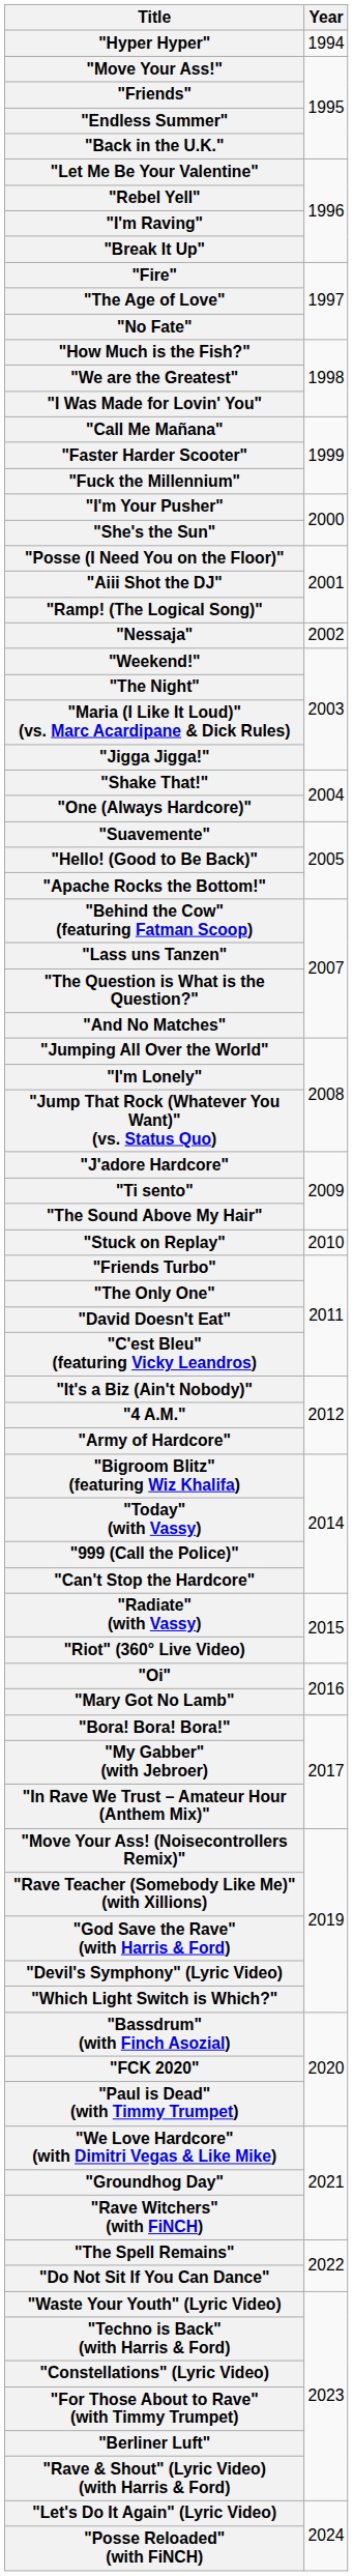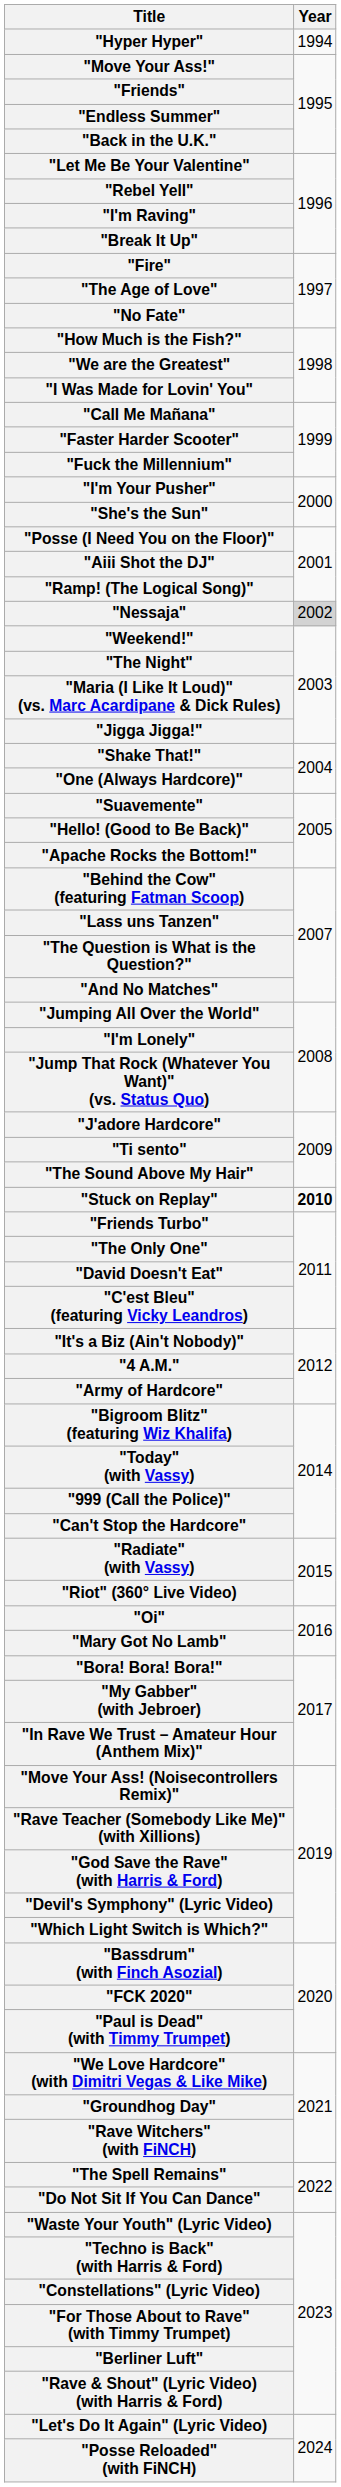 <table class="wikitable plainrowheaders" style="text-align:center;">
 <tr>
 <th scope="col" style="width:18em;">Title</th>
 <th scope="col">Year</th>
 </tr>
 <tr>
 <th scope="row">"Hyper Hyper"</th>
 <td>1994</td>
 </tr>
 <tr>
 <th scope="row">"Move Your Ass!"</th>
 <td rowspan="4">1995</td>
 </tr>
 <tr>
 <th scope="row">"Friends"</th>
 </tr>
 <tr>
 <th scope="row">"Endless Summer"</th>
 </tr>
 <tr>
 <th scope="row">"Back in the U.K."</th>
 </tr>
 <tr>
 <th scope="row">"Let Me Be Your Valentine"</th>
 <td rowspan="4">1996</td>
 </tr>
 <tr>
 <th scope="row">"Rebel Yell"</th>
 </tr>
 <tr>
 <th scope="row">"I'm Raving"</th>
 </tr>
 <tr>
 <th scope="row">"Break It Up"</th>
 </tr>
 <tr>
 <th scope="row">"Fire"</th>
 <td rowspan="3">1997</td>
 </tr>
 <tr>
 <th scope="row">"The Age of Love"</th>
 </tr>
 <tr>
 <th scope="row">"No Fate"</th>
 </tr>
 <tr>
 <th scope="row">"How Much is the Fish?"</th>
 <td rowspan="3">1998</td>
 </tr>
 <tr>
 <th scope="row">"We are the Greatest"</th>
 </tr>
 <tr>
 <th scope="row">"I Was Made for Lovin' You"</th>
 </tr>
 <tr>
 <th scope="row">"Call Me Mañana"</th>
 <td rowspan="3">1999</td>
 </tr>
 <tr>
 <th scope="row">"Faster Harder Scooter"</th>
 </tr>
 <tr>
 <th scope="row">"Fuck the Millennium"</th>
 </tr>
 <tr>
 <th scope="row">"I'm Your Pusher"</th>
 <td rowspan="2">2000</td>
 </tr>
 <tr>
 <th scope="row">"She's the Sun"</th>
 </tr>
 <tr>
 <th scope="row">"Posse (I Need You on the Floor)"</th>
 <td rowspan="3">2001</td>
 </tr>
 <tr>
 <th scope="row">"Aiii Shot the DJ"</th>
 </tr>
 <tr>
 <th scope="row">"Ramp! (The Logical Song)"</th>
 </tr>
 <tr>
 <th scope="row">"Nessaja"</th>
-<td>2002</td>
+<td style="background: lightgrey;">2002</td>
 </tr>
 <tr>
 <th scope="row">"Weekend!"</th>
 <td rowspan="4">2003</td>
 </tr>
 <tr>
 <th scope="row">"The Night"</th>
 </tr>
 <tr>
 <th scope="row">"Maria (I Like It Loud)"<br><span>(vs. <a href='#'>Marc Acardipane</a> & Dick Rules)</span></th>
 </tr>
 <tr>
 <th scope="row">"Jigga Jigga!"</th>
 </tr>
 <tr>
 <th scope="row">"Shake That!"</th>
 <td rowspan="2">2004</td>
 </tr>
 <tr>
 <th scope="row">"One (Always Hardcore)"</th>
 </tr>
 <tr>
 <th scope="row">"Suavemente"</th>
 <td rowspan="3">2005</td>
 </tr>
 <tr>
 <th scope="row">"Hello! (Good to Be Back)"</th>
 </tr>
 <tr>
 <th scope="row">"Apache Rocks the Bottom!"</th>
 </tr>
 <tr>
 <th scope="row">"Behind the Cow"<br><span>(featuring <a href='#'>Fatman Scoop</a>)</span></th>
 <td rowspan="4">2007</td>
 </tr>
 <tr>
 <th scope="row">"Lass uns Tanzen"</th>
 </tr>
 <tr>
 <th scope="row">"The Question is What is the Question?"</th>
 </tr>
 <tr>
 <th scope="row">"And No Matches"</th>
 </tr>
 <tr>
 <th scope="row">"Jumping All Over the World"</th>
 <td rowspan="3">2008</td>
 </tr>
 <tr>
 <th scope="row">"I'm Lonely"</th>
 </tr>
 <tr>
 <th scope="row">"Jump That Rock (Whatever You Want)"<br><span>(vs. <a href='#'>Status Quo</a>)</span></th>
 </tr>
 <tr>
 <th scope="row">"J'adore Hardcore"</th>
 <td rowspan="3">2009</td>
 </tr>
 <tr>
 <th scope="row">"Ti sento"</th>
 </tr>
 <tr>
 <th scope="row">"The Sound Above My Hair"</th>
 </tr>
 <tr>
 <th scope="row">"Stuck on Replay"</th>
-<td>2010</td>
+<td><strong>2010</strong></td>
 </tr>
 <tr>
 <th scope="row">"Friends Turbo"</th>
 <td rowspan="4">2011</td>
 </tr>
 <tr>
 <th scope="row">"The Only One"</th>
 </tr>
 <tr>
 <th scope="row">"David Doesn't Eat"</th>
 </tr>
 <tr>
 <th scope="row">"C'est Bleu"<br><span>(featuring <a href='#'>Vicky Leandros</a>)</span></th>
 </tr>
 <tr>
 <th scope="row">"It's a Biz (Ain't Nobody)"</th>
 <td rowspan="3">2012</td>
 </tr>
 <tr>
 <th scope="row">"4 A.M."</th>
 </tr>
 <tr>
 <th scope="row">"Army of Hardcore"</th>
 </tr>
 <tr>
 <th scope="row">"Bigroom Blitz"<br><span>(featuring <a href='#'>Wiz Khalifa</a>)</span></th>
 <td rowspan="4">2014</td>
 </tr>
 <tr>
 <th scope="row">"Today"<br><span>(with <a href='#'>Vassy</a>)</span></th>
 </tr>
 <tr>
 <th scope="row">"999 (Call the Police)"</th>
 </tr>
 <tr>
 <th scope="row">"Can't Stop the Hardcore"</th>
 </tr>
 <tr>
 <th scope="row">"Radiate"<br><span>(with <a href='#'>Vassy</a>)</span></th>
 <td rowspan="2">2015</td>
 </tr>
 <tr>
 <th scope="row">"Riot" (360° Live Video)</th>
 </tr>
 <tr>
 <th scope="row">"Oi"</th>
 <td rowspan="2">2016</td>
 </tr>
 <tr>
 <th scope="row">"Mary Got No Lamb"</th>
 </tr>
 <tr>
 <th scope="row">"Bora! Bora! Bora!"</th>
 <td rowspan="3">2017</td>
 </tr>
 <tr>
 <th scope="row">"My Gabber"<br><span>(with Jebroer)</span></th>
 </tr>
 <tr>
 <th scope="row">"In Rave We Trust – Amateur Hour (Anthem Mix)"</th>
 </tr>
 <tr>
 <th scope="row">"Move Your Ass! (Noisecontrollers Remix)"</th>
 <td rowspan="5">2019</td>
 </tr>
 <tr>
 <th scope="row">"Rave Teacher (Somebody Like Me)"<br><span>(with Xillions)</span></th>
 </tr>
 <tr>
 <th scope="row">"God Save the Rave"<br><span>(with <a href='#'>Harris & Ford</a>)</span></th>
 </tr>
 <tr>
 <th scope="row">"Devil's Symphony" (Lyric Video)</th>
 </tr>
 <tr>
 <th scope="row">"Which Light Switch is Which?"</th>
 </tr>
 <tr>
 <th scope="row">"Bassdrum"<br><span>(with <a href='#'>Finch Asozial</a>)</span></th>
 <td rowspan="3">2020</td>
 </tr>
 <tr>
 <th scope="row">"FCK 2020"</th>
 </tr>
 <tr>
 <th scope="row">"Paul is Dead"<br><span>(with <a href='#'>Timmy Trumpet</a>)</span></th>
 </tr>
 <tr>
 <th scope="row">"We Love Hardcore"<br><span>(with <a href='#'>Dimitri Vegas & Like Mike</a>)</span></th>
 <td rowspan="3">2021</td>
 </tr>
 <tr>
 <th scope="row">"Groundhog Day"</th>
 </tr>
 <tr>
 <th scope="row">"Rave Witchers"<br><span>(with <a href='#'>FiNCH</a>)</span></th>
 </tr>
 <tr>
 <th scope="row">"The Spell Remains"</th>
 <td rowspan="2">2022</td>
 </tr>
 <tr>
 <th scope="row">"Do Not Sit If You Can Dance"</th>
 </tr>
 <tr>
 <th scope="row">"Waste Your Youth" (Lyric Video)</th>
 <td rowspan="6">2023</td>
 </tr>
 <tr>
 <th scope="row">"Techno is Back"<br><span>(with Harris & Ford)</span></th>
 </tr>
 <tr>
 <th scope="row">"Constellations" (Lyric Video)</th>
 </tr>
 <tr>
 <th scope="row">"For Those About to Rave"<br><span>(with Timmy Trumpet)</span></th>
 </tr>
 <tr>
 <th scope="row">"Berliner Luft"</th>
 </tr>
 <tr>
 <th scope="row">"Rave & Shout" (Lyric Video)<br><span>(with Harris & Ford)</span></th>
 </tr>
 <tr>
 <th scope="row">"Let's Do It Again" (Lyric Video)</th>
 <td rowspan="2">2024</td>
 </tr>
 <tr>
 <th scope="row">"Posse Reloaded" <br><span>(with FiNCH)</span></th>
 </tr>
 </table>
